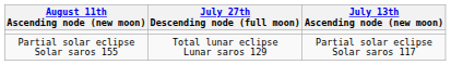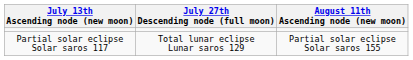 <table class="wikitable">
 <tr>
+<th><a href='#'>July 13th</a><br>Ascending node (new moon)</th>
+<th><a href='#'>July 27th</a><br>Descending node (full moon)</th>
 <th><a href='#'>August 11th</a><br>Ascending node (new moon)</th>
-<th><a href='#'>July 27th</a><br>Descending node (full moon)</th>
-<th><a href='#'>July 13th</a><br>Ascending node (new moon)</th>
 </tr>
 <tr>
 <td></td>
 <td></td>
 <td></td>
 </tr>
 <tr align=center>
+<td>Partial solar eclipse<br>Solar saros 117</td>
+<td>Total lunar eclipse<br>Lunar saros 129</td>
 <td>Partial solar eclipse<br>Solar saros 155</td>
-<td>Total lunar eclipse<br>Lunar saros 129</td>
-<td>Partial solar eclipse<br>Solar saros 117</td>
 </tr>
 </table>
